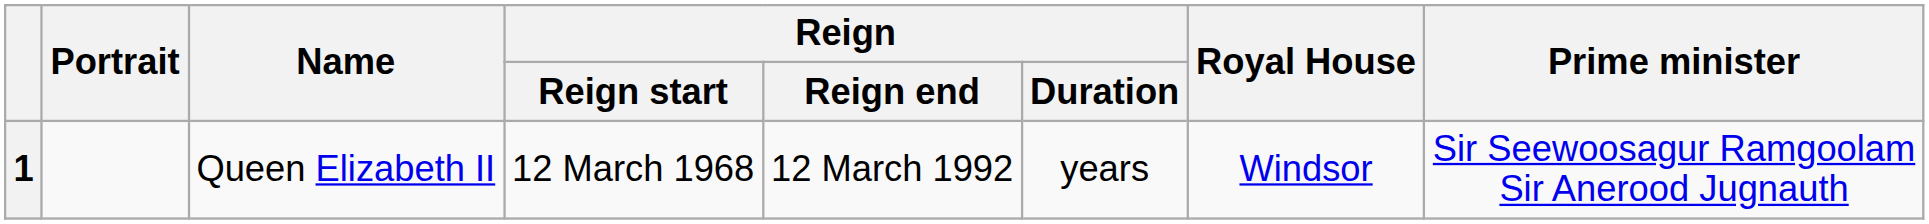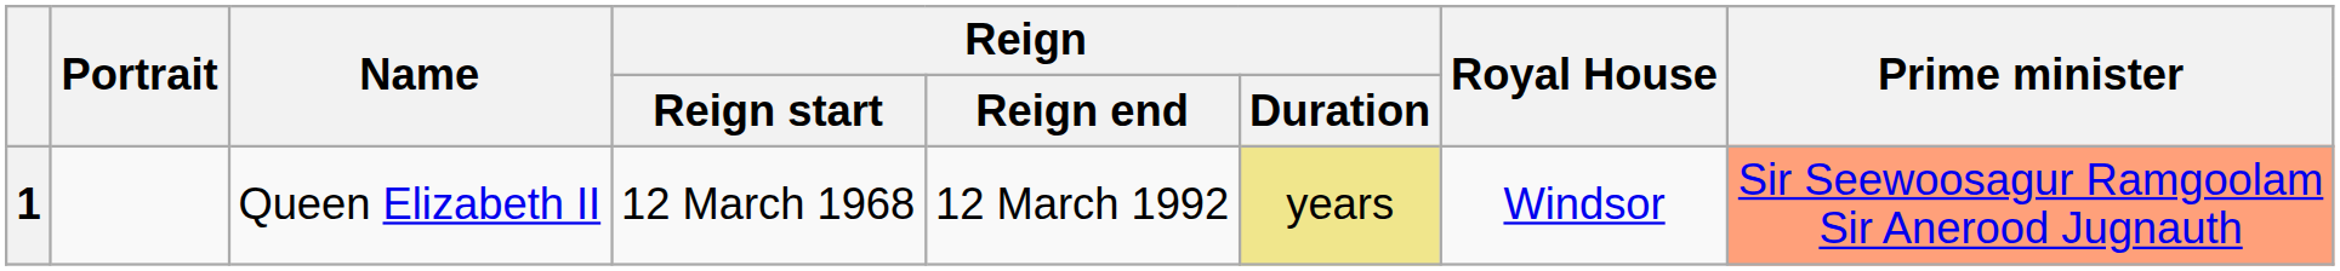 <table class="wikitable" style="font-size:100%;text-align:center">
 <tr>
 <th rowspan="2"></th>
 <th rowspan="2">Portrait</th>
 <th rowspan="2">Name<br></th>
 <th colspan="3">Reign</th>
 <th rowspan="2">Royal House</th>
 <th rowspan="2">Prime minister</th>
 </tr>
 <tr>
 <th>Reign start</th>
 <th>Reign end</th>
 <th>Duration</th>
 </tr>
 <tr>
 <th>1</th>
 <td></td>
 <td>Queen <a href='#'>Elizabeth II</a><br></td>
 <td>12 March 1968</td>
 <td>12 March 1992</td>
-<td> years</td>
+<td style="background: khaki;"> years</td>
 <td><a href='#'>Windsor</a></td>
-<td><a href='#'>Sir Seewoosagur Ramgoolam</a><br><a href='#'>Sir Anerood Jugnauth</a></td>
+<td style="background: lightsalmon;"><a href='#'>Sir Seewoosagur Ramgoolam</a><br><a href='#'>Sir Anerood Jugnauth</a></td>
 </tr>
 </table>
